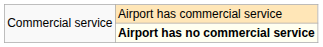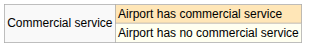 <table class=wikitable>
 <tr>
 <td rowspan=2>Commercial service</td>
 <td style="background:#ffe6b7;">Airport has commercial service</td>
 </tr>
 <tr>
-<td style="background:#FFFFF0;"><strong>Airport has no commercial service</strong></td>
+<td style="background:#FFFFF0;">Airport has no commercial service</td>
 </tr>
 </table>
